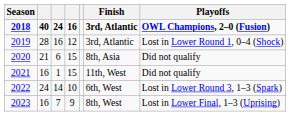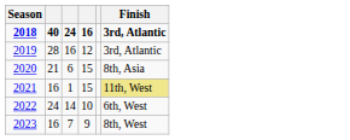 <table class="wikitable" style="text-align:center;">
 <tr>
 <th style="background:#">Season</th>
 <th style="background:#"></th>
 <th style="background:#"></th>
 <th style="background:#"></th>
 <th style="background:#"></th>
 <th style="background:#">Finish</th>
-<th style="background:#">Playoffs</th>
 </tr>
 <tr>
 <td><strong><a href='#'>2018</a></strong></td>
 <td><strong>40</strong></td>
 <td><strong>24</strong></td>
 <td><strong>16</strong></td>
 <td><strong> </strong></td>
 <td style="text-align:left"><strong>3rd, Atlantic</strong></td>
-<td style="text-align:left"><strong><a href='#'>OWL Champions</a>, 2–0 (<a href='#'>Fusion</a>)</strong></td>
 </tr>
 <tr>
 <td><a href='#'>2019</a></td>
 <td>28</td>
 <td>16</td>
 <td>12</td>
 <td></td>
 <td style="text-align:left">3rd, Atlantic</td>
-<td style="text-align:left">Lost in <a href='#'>Lower Round 1</a>, 0–4 (<a href='#'>Shock</a>)</td>
 </tr>
 <tr>
 <td><a href='#'>2020</a></td>
 <td>21</td>
 <td>6</td>
 <td>15</td>
 <td></td>
 <td style="text-align:left">8th, Asia</td>
-<td style="text-align:left">Did not qualify</td>
 </tr>
 <tr>
 <td><a href='#'>2021</a></td>
 <td>16</td>
 <td>1</td>
 <td>15</td>
 <td></td>
-<td style="text-align:left">11th, West</td>
-<td style="text-align:left">Did not qualify</td>
+<td style="background: khaki; text-align:left">11th, West</td>
 </tr>
 <tr>
 <td><a href='#'>2022</a></td>
 <td>24</td>
 <td>14</td>
 <td>10</td>
 <td></td>
 <td style="text-align:left">6th, West</td>
-<td style="text-align:left">Lost in <a href='#'>Lower Round 3</a>, 1–3 (<a href='#'>Spark</a>)</td>
 </tr>
 <tr>
 <td><a href='#'>2023</a></td>
 <td>16</td>
 <td>7</td>
 <td>9</td>
 <td></td>
 <td style="text-align:left">8th, West</td>
-<td style="text-align:left">Lost in <a href='#'>Lower Final</a>, 1–3 (<a href='#'>Uprising</a>)</td>
 </tr>
 </table>
